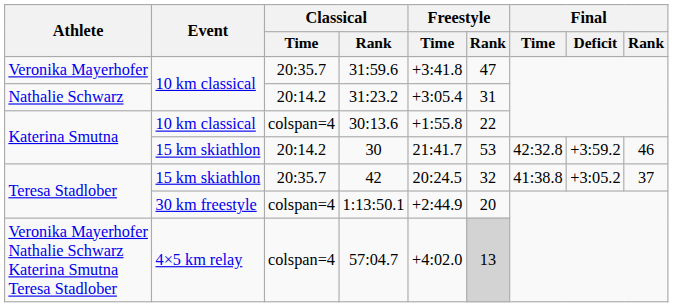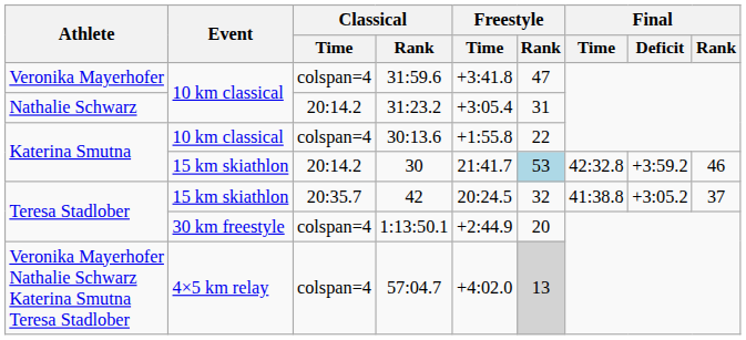 <table class="wikitable" style="font-size:90%">
 <tr>
 <th rowspan=2>Athlete</th>
 <th rowspan=2>Event</th>
 <th colspan=2>Classical</th>
 <th colspan=2>Freestyle</th>
 <th colspan=3>Final</th>
 </tr>
 <tr style="font-size: 95%">
 <th>Time</th>
 <th>Rank</th>
 <th>Time</th>
 <th>Rank</th>
 <th>Time</th>
 <th>Deficit</th>
 <th>Rank</th>
 </tr>
 <tr align=center>
 <td align=left><a href='#'>Veronika Mayerhofer</a></td>
 <td align=left rowspan=2><a href='#'>10 km classical</a></td>
-<td>20:35.7</td>
+<td>colspan=4 </td>
 <td>31:59.6</td>
 <td>+3:41.8</td>
 <td>47</td>
 </tr>
 <tr align=center>
 <td align=left><a href='#'>Nathalie Schwarz</a></td>
 <td>20:14.2</td>
 <td>31:23.2</td>
 <td>+3:05.4</td>
 <td>31</td>
 </tr>
 <tr align=center>
 <td align=left rowspan=2><a href='#'>Katerina Smutna</a></td>
 <td align=left><a href='#'>10 km classical</a></td>
 <td>colspan=4 </td>
 <td>30:13.6</td>
 <td>+1:55.8</td>
 <td>22</td>
 </tr>
 <tr align=center>
 <td align=left><a href='#'>15 km skiathlon</a></td>
 <td>20:14.2</td>
 <td>30</td>
 <td>21:41.7</td>
-<td>53</td>
+<td style="background: lightblue;">53</td>
 <td>42:32.8</td>
 <td>+3:59.2</td>
 <td>46</td>
 </tr>
 <tr align=center>
 <td align=left rowspan=2><a href='#'>Teresa Stadlober</a></td>
 <td align=left><a href='#'>15 km skiathlon</a></td>
 <td>20:35.7</td>
 <td>42</td>
 <td>20:24.5</td>
 <td>32</td>
 <td>41:38.8</td>
 <td>+3:05.2</td>
 <td>37</td>
 </tr>
 <tr align=center>
 <td align=left><a href='#'>30 km freestyle</a></td>
 <td>colspan=4 </td>
 <td>1:13:50.1</td>
 <td>+2:44.9</td>
 <td>20</td>
 </tr>
 <tr align=center>
 <td align=left><a href='#'>Veronika Mayerhofer</a><br><a href='#'>Nathalie Schwarz</a><br><a href='#'>Katerina Smutna</a><br><a href='#'>Teresa Stadlober</a></td>
 <td align=left><a href='#'>4×5 km relay</a></td>
 <td>colspan=4 </td>
 <td>57:04.7</td>
 <td>+4:02.0</td>
 <td style="background: lightgrey;">13</td>
 </tr>
 </table>
